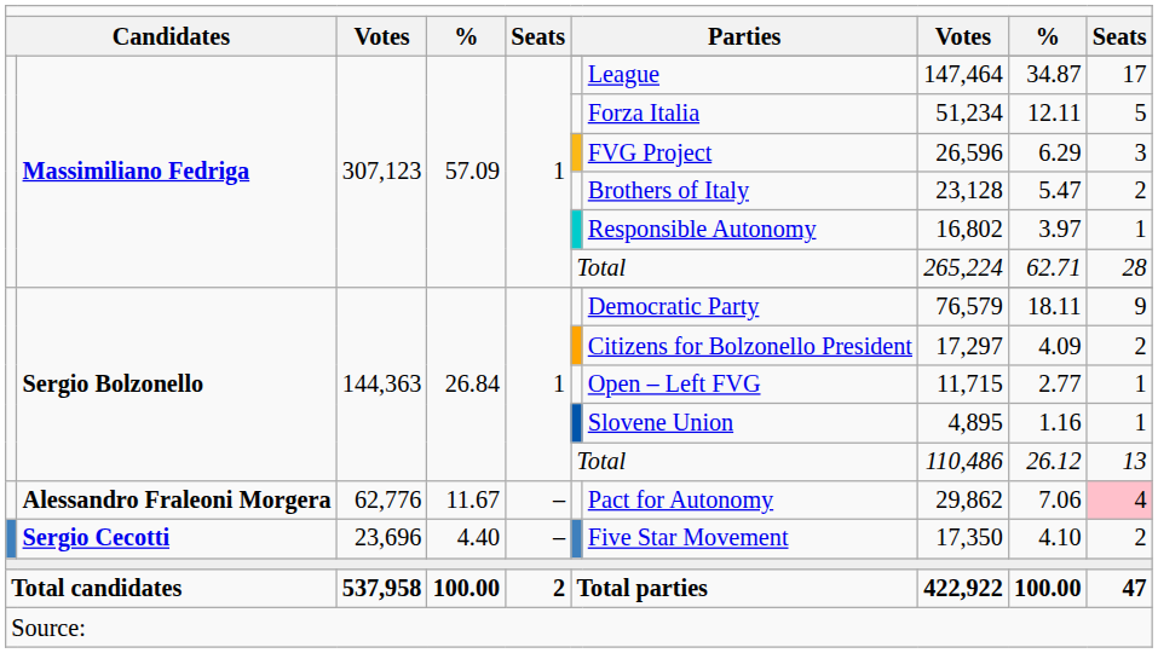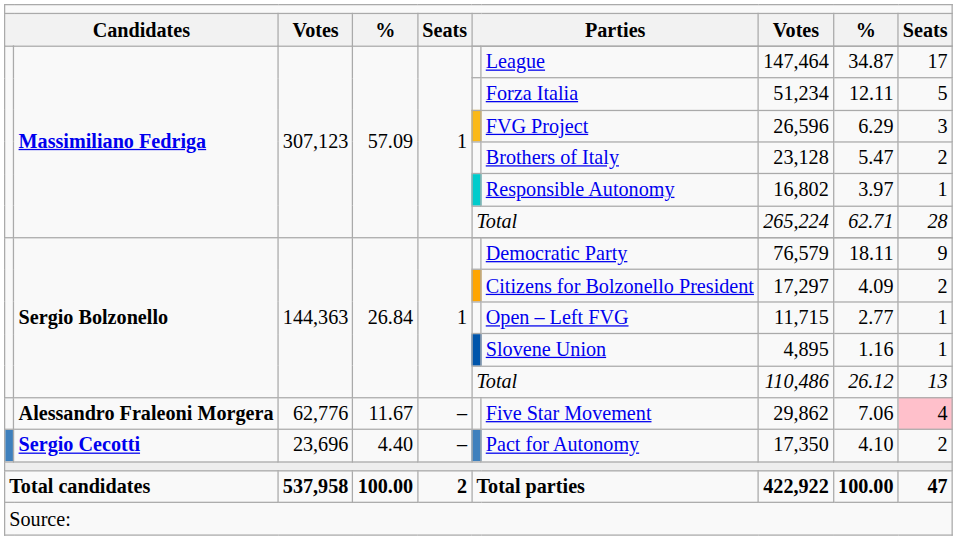 <table class="wikitable">
 <tr>
 <td colspan=10></td>
 </tr>
 <tr>
 <th colspan=2>Candidates</th>
 <th>Votes</th>
 <th>%</th>
 <th>Seats</th>
 <th colspan=2>Parties</th>
 <th>Votes</th>
 <th>%</th>
 <th>Seats</th>
 </tr>
 <tr>
 <td rowspan=7></td>
 <td rowspan=7><strong><a href='#'>Massimiliano Fedriga</a></strong></td>
 <td rowspan=7 align=right>307,123</td>
 <td rowspan=7 align=right>57.09</td>
 <td rowspan=7 align=right>1</td>
 </tr>
 <tr>
 <td></td>
 <td><a href='#'>League</a></td>
 <td align=right>147,464</td>
 <td align=right>34.87</td>
 <td align=right>17</td>
 </tr>
 <tr>
 <td></td>
 <td><a href='#'>Forza Italia</a></td>
 <td align=right>51,234</td>
 <td align=right>12.11</td>
 <td align=right>5</td>
 </tr>
 <tr>
 <td bgcolor="#FBB917"></td>
 <td><a href='#'>FVG Project</a></td>
 <td align=right>26,596</td>
 <td align=right>6.29</td>
 <td align=right>3</td>
 </tr>
 <tr>
 <td></td>
 <td><a href='#'>Brothers of Italy</a></td>
 <td align=right>23,128</td>
 <td align=right>5.47</td>
 <td align=right>2</td>
 </tr>
 <tr>
 <td bgcolor="#00CCCC"></td>
 <td><a href='#'>Responsible Autonomy</a></td>
 <td align=right>16,802</td>
 <td align=right>3.97</td>
 <td align=right>1</td>
 </tr>
 <tr>
 <td colspan=2><em>Total</em></td>
 <td align=right><em>265,224</em></td>
 <td align=right><em>62.71</em></td>
 <td align=right><em>28</em></td>
 </tr>
 <tr>
 <td rowspan=6></td>
 <td rowspan=6><strong>Sergio Bolzonello</strong></td>
 <td rowspan=6 align=right>144,363</td>
 <td rowspan=6 align=right>26.84</td>
 <td rowspan=6 align=right>1</td>
 </tr>
 <tr>
 <td></td>
 <td><a href='#'>Democratic Party</a></td>
 <td align=right>76,579</td>
 <td align=right>18.11</td>
 <td align=right>9</td>
 </tr>
 <tr>
 <td bgcolor="orange"></td>
 <td><a href='#'>Citizens for Bolzonello President</a></td>
 <td align=right>17,297</td>
 <td align=right>4.09</td>
 <td align=right>2</td>
 </tr>
 <tr>
 <td></td>
 <td><a href='#'>Open – Left FVG</a></td>
 <td align=right>11,715</td>
 <td align=right>2.77</td>
 <td align=right>1</td>
 </tr>
 <tr>
 <td bgcolor="#0055AB"></td>
 <td><a href='#'>Slovene Union</a></td>
 <td align=right>4,895</td>
 <td align=right>1.16</td>
 <td align=right>1</td>
 </tr>
 <tr>
 <td colspan=2><em>Total</em></td>
 <td align=right><em>110,486</em></td>
 <td align=right><em>26.12</em></td>
 <td align=right><em>13</em></td>
 </tr>
 <tr>
 <td></td>
 <td><strong>Alessandro Fraleoni Morgera</strong></td>
 <td align=right>62,776</td>
 <td align=right>11.67</td>
 <td align=right>–</td>
 <td></td>
-<td><a href='#'>Pact for Autonomy</a></td>
+<td><a href='#'>Five Star Movement</a></td>
 <td align=right>29,862</td>
 <td align=right>7.06</td>
 <td align=right style="background: pink;">4</td>
 </tr>
 <tr>
 <td bgcolor="#3E80BD"></td>
 <td><strong><a href='#'>Sergio Cecotti</a></strong></td>
 <td align=right>23,696</td>
 <td align=right>4.40</td>
 <td align=right>–</td>
 <td bgcolor="#3E80BD"></td>
-<td><a href='#'>Five Star Movement</a></td>
+<td><a href='#'>Pact for Autonomy</a></td>
 <td align=right>17,350</td>
 <td align=right>4.10</td>
 <td align=right>2</td>
 </tr>
 <tr>
 <td colspan=10 bgcolor=#EEEEEE></td>
 </tr>
 <tr>
 <td colspan=2><strong>Total candidates</strong></td>
 <td align=right><strong>537,958</strong></td>
 <td align=right><strong>100.00</strong></td>
 <td align=right><strong>2</strong></td>
 <td colspan=2><strong>Total parties</strong></td>
 <td align=right><strong>422,922</strong></td>
 <td align=right><strong>100.00</strong></td>
 <td align=right><strong>47</strong></td>
 </tr>
 <tr>
 <td colspan=10>Source: </td>
 </tr>
 </table>
